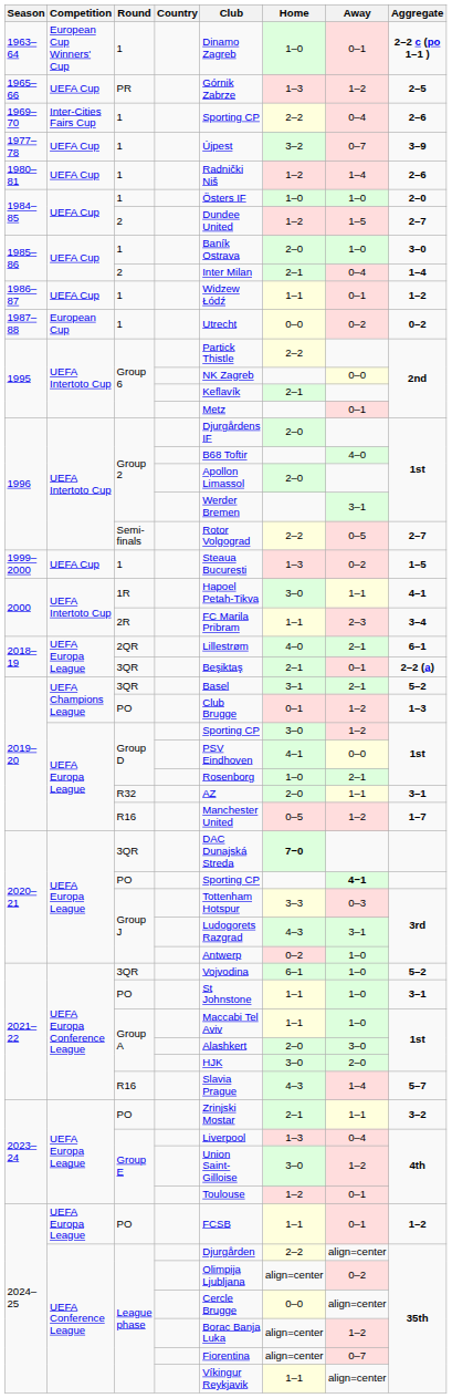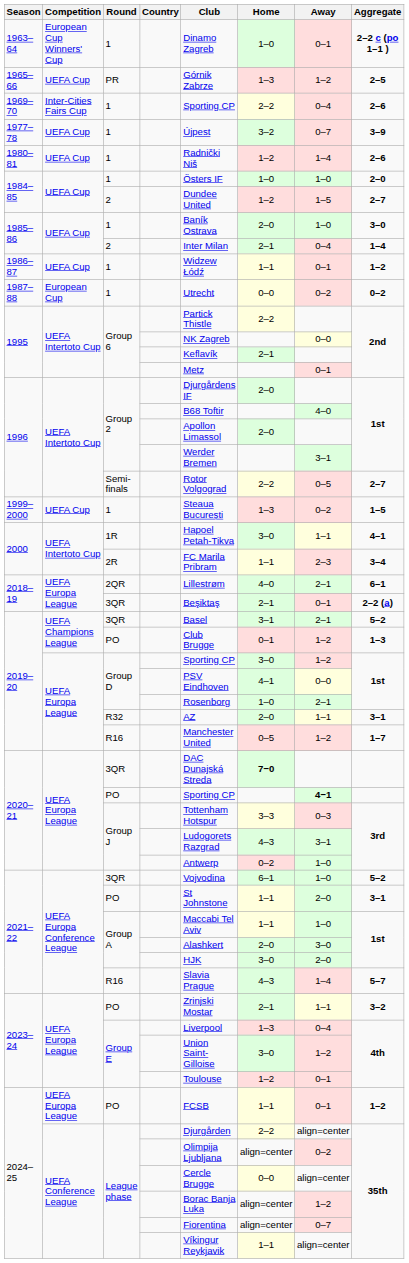 <table class="wikitable">
 <tr>
 <th>Season</th>
 <th>Competition</th>
 <th>Round</th>
 <th>Country</th>
 <th>Club</th>
 <th>Home</th>
 <th>Away</th>
 <th>Aggregate</th>
 </tr>
 <tr>
 <td><a href='#'>1963–64</a></td>
 <td><a href='#'>European Cup Winners' Cup</a></td>
 <td>1</td>
 <td></td>
 <td><a href='#'>Dinamo Zagreb</a></td>
 <td style="text-align:center; background:#dfd;">1–0</td>
 <td style="text-align:center; background:#fdd;">0–1</td>
 <td style="text-align:center;"><strong>2–2 <a href='#'>c</a> (<a href='#'>po</a> 1–1 )</strong></td>
 </tr>
 <tr>
 <td><a href='#'>1965–66</a></td>
 <td><a href='#'>UEFA Cup</a></td>
 <td>PR</td>
 <td></td>
 <td><a href='#'>Górnik Zabrze</a></td>
 <td style="text-align:center; background:#fdd;">1–3</td>
 <td style="text-align:center; background:#fdd;">1–2</td>
 <td style="text-align:center;"><strong>2–5</strong></td>
 </tr>
 <tr>
 <td><a href='#'>1969–70</a></td>
 <td><a href='#'>Inter-Cities Fairs Cup</a></td>
 <td>1</td>
 <td></td>
 <td><a href='#'>Sporting CP</a></td>
 <td style="text-align:center; background:#ffd;">2–2</td>
 <td style="text-align:center; background:#fdd;">0–4</td>
 <td style="text-align:center;"><strong>2–6</strong></td>
 </tr>
 <tr>
 <td><a href='#'>1977–78</a></td>
 <td><a href='#'>UEFA Cup</a></td>
 <td>1</td>
 <td></td>
 <td><a href='#'>Újpest</a></td>
 <td style="text-align:center; background:#dfd;">3–2</td>
 <td style="text-align:center; background:#fdd;">0–7</td>
 <td style="text-align:center;"><strong>3–9</strong></td>
 </tr>
 <tr>
 <td><a href='#'>1980–81</a></td>
 <td><a href='#'>UEFA Cup</a></td>
 <td>1</td>
 <td></td>
 <td><a href='#'>Radnički Niš</a></td>
 <td style="text-align:center; background:#fdd;">1–2</td>
 <td style="text-align:center; background:#fdd;">1–4</td>
 <td style="text-align:center;"><strong>2–6</strong></td>
 </tr>
 <tr>
 <td rowspan=2><a href='#'>1984–85</a></td>
 <td rowspan=2><a href='#'>UEFA Cup</a></td>
 <td>1</td>
 <td></td>
 <td><a href='#'>Östers IF</a></td>
 <td style="text-align:center; background:#dfd;">1–0</td>
 <td style="text-align:center; background:#dfd;">1–0</td>
 <td style="text-align:center;"><strong>2–0</strong></td>
 </tr>
 <tr>
 <td>2</td>
 <td></td>
 <td><a href='#'>Dundee United</a></td>
 <td style="text-align:center; background:#fdd;">1–2</td>
 <td style="text-align:center; background:#fdd;">1–5</td>
 <td style="text-align:center;"><strong>2–7</strong></td>
 </tr>
 <tr>
 <td rowspan=2><a href='#'>1985–86</a></td>
 <td rowspan=2><a href='#'>UEFA Cup</a></td>
 <td>1</td>
 <td></td>
 <td><a href='#'>Baník Ostrava</a></td>
 <td style="text-align:center; background:#dfd;">2–0</td>
 <td style="text-align:center; background:#dfd;">1–0</td>
 <td style="text-align:center;"><strong>3–0</strong></td>
 </tr>
 <tr>
 <td>2</td>
 <td></td>
 <td><a href='#'>Inter Milan</a></td>
 <td style="text-align:center; background:#dfd;">2–1</td>
 <td style="text-align:center; background:#fdd;">0–4</td>
 <td style="text-align:center;"><strong>1–4</strong></td>
 </tr>
 <tr>
 <td><a href='#'>1986–87</a></td>
 <td><a href='#'>UEFA Cup</a></td>
 <td>1</td>
 <td></td>
 <td><a href='#'>Widzew Łódź</a></td>
 <td style="text-align:center; background:#ffd;">1–1</td>
 <td style="text-align:center; background:#fdd;">0–1</td>
 <td style="text-align:center;"><strong>1–2</strong></td>
 </tr>
 <tr>
 <td><a href='#'>1987–88</a></td>
 <td><a href='#'>European Cup</a></td>
 <td>1</td>
 <td></td>
 <td><a href='#'>Utrecht</a></td>
 <td style="text-align:center; background:#ffd;">0–0</td>
 <td style="text-align:center; background:#fdd;">0–2</td>
 <td style="text-align:center;"><strong>0–2</strong></td>
 </tr>
 <tr>
 <td rowspan=4><a href='#'>1995</a></td>
 <td rowspan=4><a href='#'>UEFA Intertoto Cup</a></td>
 <td rowspan=4>Group 6</td>
 <td></td>
 <td><a href='#'>Partick Thistle</a></td>
 <td style="text-align:center; background:#ffd;">2–2</td>
 <td></td>
 <td style="text-align:center;" rowspan=4><strong>2nd</strong></td>
 </tr>
 <tr>
 <td></td>
 <td><a href='#'>NK Zagreb</a></td>
 <td></td>
 <td style="text-align:center; background:#ffd;">0–0</td>
 </tr>
 <tr>
 <td></td>
 <td><a href='#'>Keflavík</a></td>
 <td style="text-align:center; background:#dfd;">2–1</td>
 <td></td>
 </tr>
 <tr>
 <td></td>
 <td><a href='#'>Metz</a></td>
 <td></td>
 <td style="text-align:center; background:#fdd;">0–1</td>
 </tr>
 <tr>
 <td rowspan=5><a href='#'>1996</a></td>
 <td rowspan=5><a href='#'>UEFA Intertoto Cup</a></td>
 <td rowspan=4>Group 2</td>
 <td></td>
 <td><a href='#'>Djurgårdens IF</a></td>
 <td style="text-align:center; background:#dfd;">2–0</td>
 <td></td>
 <td style="text-align:center;" rowspan=4><strong>1st</strong></td>
 </tr>
 <tr>
 <td></td>
 <td><a href='#'>B68 Toftir</a></td>
 <td></td>
 <td style="text-align:center; background:#dfd;">4–0</td>
 </tr>
 <tr>
 <td></td>
 <td><a href='#'>Apollon Limassol</a></td>
 <td style="text-align:center; background:#dfd;">2–0</td>
 <td></td>
 </tr>
 <tr>
 <td></td>
 <td><a href='#'>Werder Bremen</a></td>
 <td></td>
 <td style="text-align:center; background:#dfd;">3–1</td>
 </tr>
 <tr>
 <td>Semi-finals</td>
 <td></td>
 <td><a href='#'>Rotor Volgograd</a></td>
 <td style="text-align:center; background:#ffd;">2–2</td>
 <td style="text-align:center; background:#fdd;">0–5</td>
 <td style="text-align:center;"><strong>2–7</strong></td>
 </tr>
 <tr>
 <td><a href='#'>1999–2000</a></td>
 <td><a href='#'>UEFA Cup</a></td>
 <td>1</td>
 <td></td>
 <td><a href='#'>Steaua București</a></td>
 <td style="text-align:center; background:#fdd;">1–3</td>
 <td style="text-align:center; background:#fdd;">0–2</td>
 <td style="text-align:center;"><strong>1–5</strong></td>
 </tr>
 <tr>
 <td rowspan=2><a href='#'>2000</a></td>
 <td rowspan=2><a href='#'>UEFA Intertoto Cup</a></td>
 <td>1R</td>
 <td></td>
 <td><a href='#'>Hapoel Petah-Tikva</a></td>
 <td style="text-align:center; background:#dfd;">3–0</td>
 <td style="text-align:center; background:#ffd;">1–1</td>
 <td style="text-align:center;"><strong>4–1</strong></td>
 </tr>
 <tr>
 <td>2R</td>
 <td></td>
 <td><a href='#'>FC Marila Pribram</a></td>
 <td style="text-align:center; background:#ffd;">1–1</td>
 <td style="text-align:center; background:#fdd;">2–3</td>
 <td style="text-align:center;"><strong>3–4</strong></td>
 </tr>
 <tr>
 <td rowspan=2><a href='#'>2018–19</a></td>
 <td rowspan=2><a href='#'>UEFA Europa League</a></td>
 <td>2QR</td>
 <td></td>
 <td><a href='#'>Lillestrøm</a></td>
 <td style="text-align:center; background:#dfd;">4–0</td>
 <td style="text-align:center; background:#dfd;">2–1</td>
 <td style="text-align:center;"><strong>6–1</strong></td>
 </tr>
 <tr>
 <td>3QR</td>
 <td></td>
 <td><a href='#'>Beşiktaş</a></td>
 <td style="text-align:center; background:#dfd;">2–1</td>
 <td style="text-align:center; background:#fdd;">0–1</td>
 <td style="text-align:center;"><strong>2–2 (<a href='#'>a</a>)</strong></td>
 </tr>
 <tr>
 <td rowspan=7><a href='#'>2019–20</a></td>
 <td rowspan=2><a href='#'>UEFA Champions League</a></td>
 <td>3QR</td>
 <td></td>
 <td><a href='#'>Basel</a></td>
 <td style="text-align:center; background:#dfd;">3–1</td>
 <td style="text-align:center; background:#dfd;">2–1</td>
 <td style="text-align:center;"><strong>5–2</strong></td>
 </tr>
 <tr>
 <td>PO</td>
 <td></td>
 <td><a href='#'>Club Brugge</a></td>
 <td style="text-align:center; background:#fdd;">0–1</td>
 <td style="text-align:center; background:#fdd;">1–2</td>
 <td style="text-align:center;"><strong>1–3</strong></td>
 </tr>
 <tr>
 <td rowspan=5><a href='#'>UEFA Europa League</a></td>
 <td rowspan=3>Group D</td>
 <td></td>
 <td><a href='#'>Sporting CP</a></td>
 <td style="text-align:center; background:#dfd;">3–0</td>
 <td style="text-align:center; background:#fdd;">1–2</td>
 <td style="text-align:center;" rowspan=3><strong>1st</strong></td>
 </tr>
 <tr>
 <td></td>
 <td><a href='#'>PSV Eindhoven</a></td>
 <td style="text-align:center; background:#dfd;">4–1</td>
 <td style="text-align:center; background:#ffd;">0–0</td>
 </tr>
 <tr>
 <td></td>
 <td><a href='#'>Rosenborg</a></td>
 <td style="text-align:center; background:#dfd;">1–0</td>
 <td style="text-align:center; background:#dfd;">2–1</td>
 </tr>
 <tr>
 <td>R32</td>
 <td></td>
 <td><a href='#'>AZ</a></td>
 <td style="text-align:center; background:#dfd;">2–0</td>
 <td style="text-align:center; background:#ffd;">1–1</td>
 <td style="text-align:center;"><strong>3–1</strong></td>
 </tr>
 <tr>
 <td>R16</td>
 <td></td>
 <td><a href='#'>Manchester United</a></td>
 <td style="text-align:center; background:#fdd;">0–5</td>
 <td style="text-align:center; background:#fdd;">1–2</td>
 <td style="text-align:center;"><strong>1–7</strong></td>
 </tr>
 <tr>
 <td rowspan=5><a href='#'>2020–21</a></td>
 <td rowspan=5><a href='#'>UEFA Europa League</a></td>
 <td>3QR</td>
 <td></td>
 <td><a href='#'>DAC Dunajská Streda</a></td>
 <td style="text-align:center; background:#dfd;"><strong>7−0</strong></td>
 <td></td>
 <td></td>
 </tr>
 <tr>
 <td>PO</td>
 <td></td>
 <td><a href='#'>Sporting CP</a></td>
 <td></td>
 <td style="text-align:center; background:#dfd;"><strong>4−1</strong></td>
 <td></td>
 </tr>
 <tr>
 <td rowspan=3>Group J</td>
 <td></td>
 <td><a href='#'>Tottenham Hotspur</a></td>
 <td style="text-align:center; background:#ffd;">3–3</td>
 <td style="text-align:center; background:#fdd;">0–3</td>
 <td style="text-align:center;" rowspan=3><strong>3rd</strong></td>
 </tr>
 <tr>
 <td></td>
 <td><a href='#'>Ludogorets Razgrad</a></td>
 <td style="text-align:center; background:#dfd;">4–3</td>
 <td style="text-align:center; background:#dfd;">3–1</td>
 </tr>
 <tr>
 <td></td>
 <td><a href='#'>Antwerp</a></td>
 <td style="text-align:center; background:#fdd;">0–2</td>
 <td style="text-align:center; background:#dfd;">1–0</td>
 </tr>
 <tr>
 <td rowspan=6><a href='#'>2021–22</a></td>
 <td rowspan=6><a href='#'>UEFA Europa Conference League</a></td>
 <td>3QR</td>
 <td></td>
 <td><a href='#'>Vojvodina</a></td>
 <td style="text-align:center; background:#dfd;">6–1</td>
 <td style="text-align:center; background:#dfd;">1–0</td>
 <td style="text-align:center;"><strong>5–2</strong></td>
 </tr>
 <tr>
 <td>PO</td>
 <td></td>
 <td><a href='#'>St Johnstone</a></td>
 <td style="text-align:center; background:#ffd;">1–1</td>
-<td style="text-align:center; background:#dfd;">1–0</td>
+<td style="text-align:center; background:#dfd;">2–0</td>
 <td style="text-align:center;"><strong>3–1</strong></td>
 </tr>
 <tr>
 <td rowspan=3>Group A</td>
 <td></td>
 <td><a href='#'>Maccabi Tel Aviv</a></td>
 <td style="text-align:center; background:#ffd;">1–1</td>
 <td style="text-align:center; background:#dfd;">1–0</td>
 <td style="text-align:center;" rowspan=3><strong>1st</strong></td>
 </tr>
 <tr>
 <td></td>
 <td><a href='#'>Alashkert</a></td>
 <td style="text-align:center; background:#dfd;">2–0</td>
 <td style="text-align:center; background:#dfd;">3–0</td>
 </tr>
 <tr>
 <td></td>
 <td><a href='#'>HJK</a></td>
 <td style="text-align:center; background:#dfd;">3–0</td>
 <td style="text-align:center; background:#dfd;">2–0</td>
 </tr>
 <tr>
 <td>R16</td>
 <td></td>
 <td><a href='#'>Slavia Prague</a></td>
 <td style="text-align:center; background:#dfd;">4–3</td>
 <td style="text-align:center; background:#fdd;">1–4</td>
 <td style="text-align:center;"><strong>5–7</strong></td>
 </tr>
 <tr>
 <td rowspan=4><a href='#'>2023–24</a></td>
 <td rowspan=4><a href='#'>UEFA Europa League</a></td>
 <td>PO</td>
 <td></td>
 <td><a href='#'>Zrinjski Mostar</a></td>
 <td style="text-align:center; background:#dfd;">2–1</td>
 <td style="text-align:center; background:#ffd;">1–1</td>
 <td style="text-align:center;"><strong>3–2</strong></td>
 </tr>
 <tr>
 <td rowspan=3><a href='#'>Group E</a></td>
 <td></td>
 <td><a href='#'>Liverpool</a></td>
 <td style="text-align:center; background:#fdd;">1–3</td>
 <td style="text-align:center; background:#fdd;">0–4</td>
 <td style="text-align:center;" rowspan=3><strong>4th</strong></td>
 </tr>
 <tr>
 <td></td>
 <td><a href='#'>Union Saint-Gilloise</a></td>
 <td style="text-align:center; background:#dfd;">3–0</td>
 <td style="text-align:center; background:#fdd;">1–2</td>
 </tr>
 <tr>
 <td></td>
 <td><a href='#'>Toulouse</a></td>
 <td style="text-align:center; background:#fdd;">1–2</td>
 <td style="text-align:center; background:#fdd;">0–1</td>
 </tr>
 <tr>
 <td rowspan="7">2024–25</td>
 <td rowspan="1"><a href='#'>UEFA Europa League</a></td>
 <td>PO</td>
 <td></td>
 <td><a href='#'>FCSB</a></td>
 <td style="text-align:center; background:#ffd;">1–1</td>
 <td style="text-align:center; background:#fdd;">0–1</td>
 <td style="text-align:center;"><strong>1–2</strong></td>
 </tr>
 <tr>
 <td rowspan="6"><a href='#'>UEFA Conference League</a></td>
 <td rowspan="6"><a href='#'>League phase</a></td>
 <td></td>
 <td><a href='#'>Djurgården</a></td>
 <td bgcolor="#ffffdd" style="text-align:center;">2–2</td>
 <td>align=center </td>
 <td rowspan="6" style="text-align:center;"><strong>35th</strong></td>
 </tr>
 <tr>
 <td></td>
 <td><a href='#'>Olimpija Ljubljana</a></td>
 <td>align=center </td>
 <td style="text-align:center; background:#fdd;">0–2</td>
 </tr>
 <tr>
 <td></td>
 <td><a href='#'>Cercle Brugge</a></td>
 <td bgcolor="#ffffdd" style="text-align:center;">0–0</td>
 <td>align=center </td>
 </tr>
 <tr>
 <td></td>
 <td><a href='#'>Borac Banja Luka</a></td>
 <td>align=center </td>
 <td style="text-align:center; background:#fdd;">1–2</td>
 </tr>
 <tr>
 <td></td>
 <td><a href='#'>Fiorentina</a></td>
 <td>align=center </td>
 <td style="text-align:center; background:#fdd;">0–7</td>
 </tr>
 <tr>
 <td></td>
 <td><a href='#'>Víkingur Reykjavik</a></td>
 <td bgcolor="#ffffdd" style="text-align:center;">1–1</td>
 <td>align=center </td>
 </tr>
 </table>
